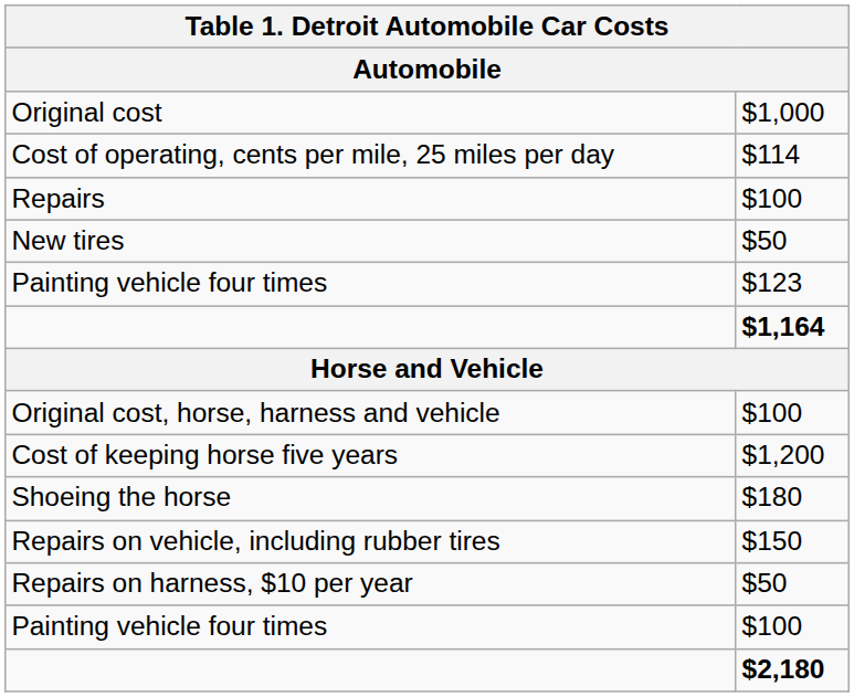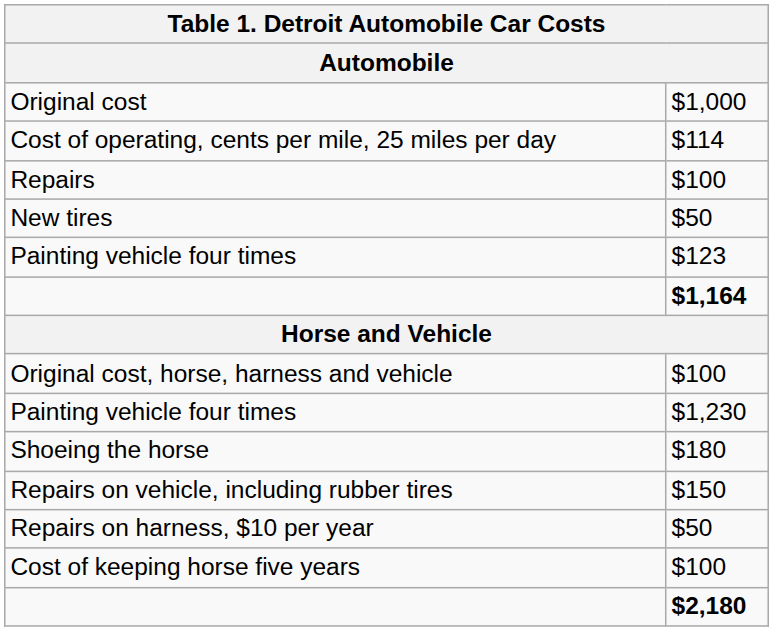 <table class="wikitable" width="500px">
 <tr>
 <th colspan="2"><div>Table 1. Detroit Automobile Car Costs</div></th>
 </tr>
 <tr>
 <th colspan="2"><div>Automobile</div></th>
 </tr>
 <tr>
 <td>Original cost</td>
 <td>$1,000</td>
 </tr>
 <tr>
 <td>Cost of operating,  cents per mile, 25 miles per day</td>
 <td>$114</td>
 </tr>
 <tr>
 <td>Repairs</td>
 <td>$100</td>
 </tr>
 <tr>
 <td>New tires</td>
 <td>$50</td>
 </tr>
 <tr>
 <td>Painting vehicle four times</td>
 <td>$123</td>
 </tr>
 <tr>
 <td></td>
 <td><strong>$1,164</strong></td>
 </tr>
 <tr>
 <th colspan="2"><div>Horse and Vehicle</div></th>
 </tr>
 <tr>
 <td>Original cost, horse, harness and vehicle</td>
 <td>$100</td>
 </tr>
 <tr>
-<td>Cost of keeping horse five years</td>
-<td>$1,200</td>
+<td>Painting vehicle four times</td>
+<td>$1,230</td>
 </tr>
 <tr>
 <td>Shoeing the horse</td>
 <td>$180</td>
 </tr>
 <tr>
 <td>Repairs on vehicle, including rubber tires</td>
 <td>$150</td>
 </tr>
 <tr>
 <td>Repairs on harness, $10 per year</td>
 <td>$50</td>
 </tr>
 <tr>
-<td>Painting vehicle four times</td>
+<td>Cost of keeping horse five years</td>
 <td>$100</td>
 </tr>
 <tr>
 <td></td>
 <td><strong>$2,180</strong></td>
 </tr>
 </table>
